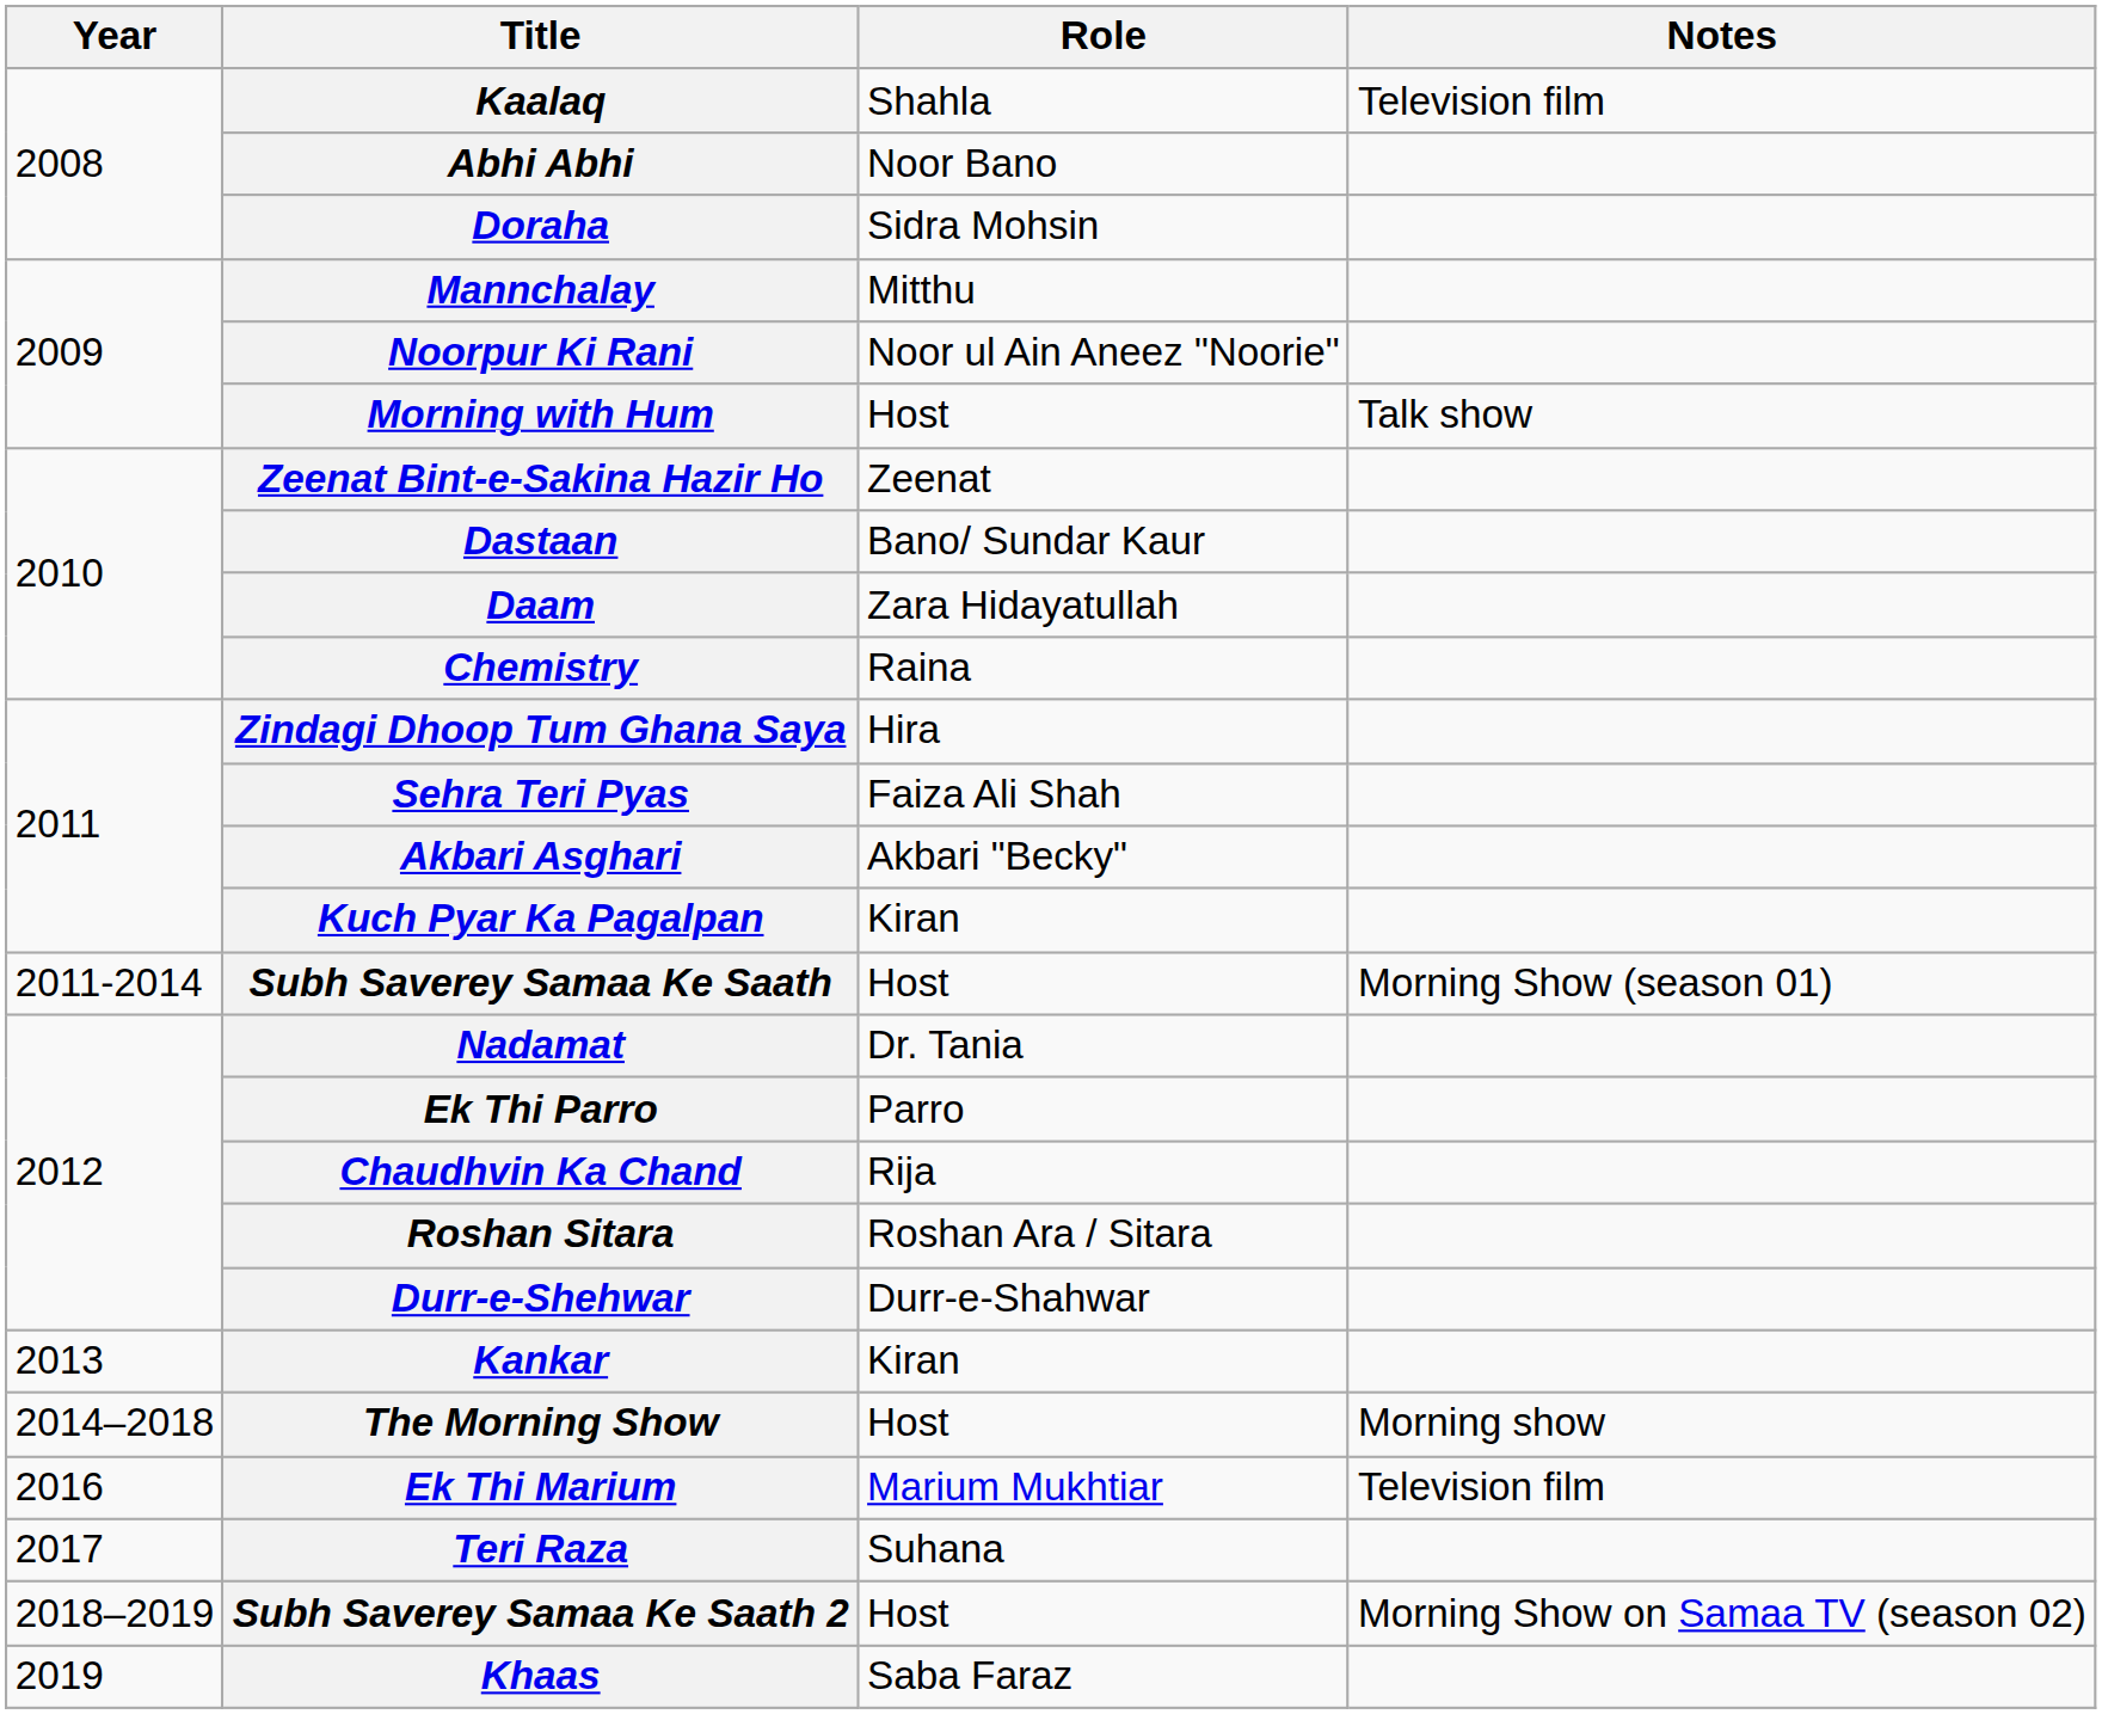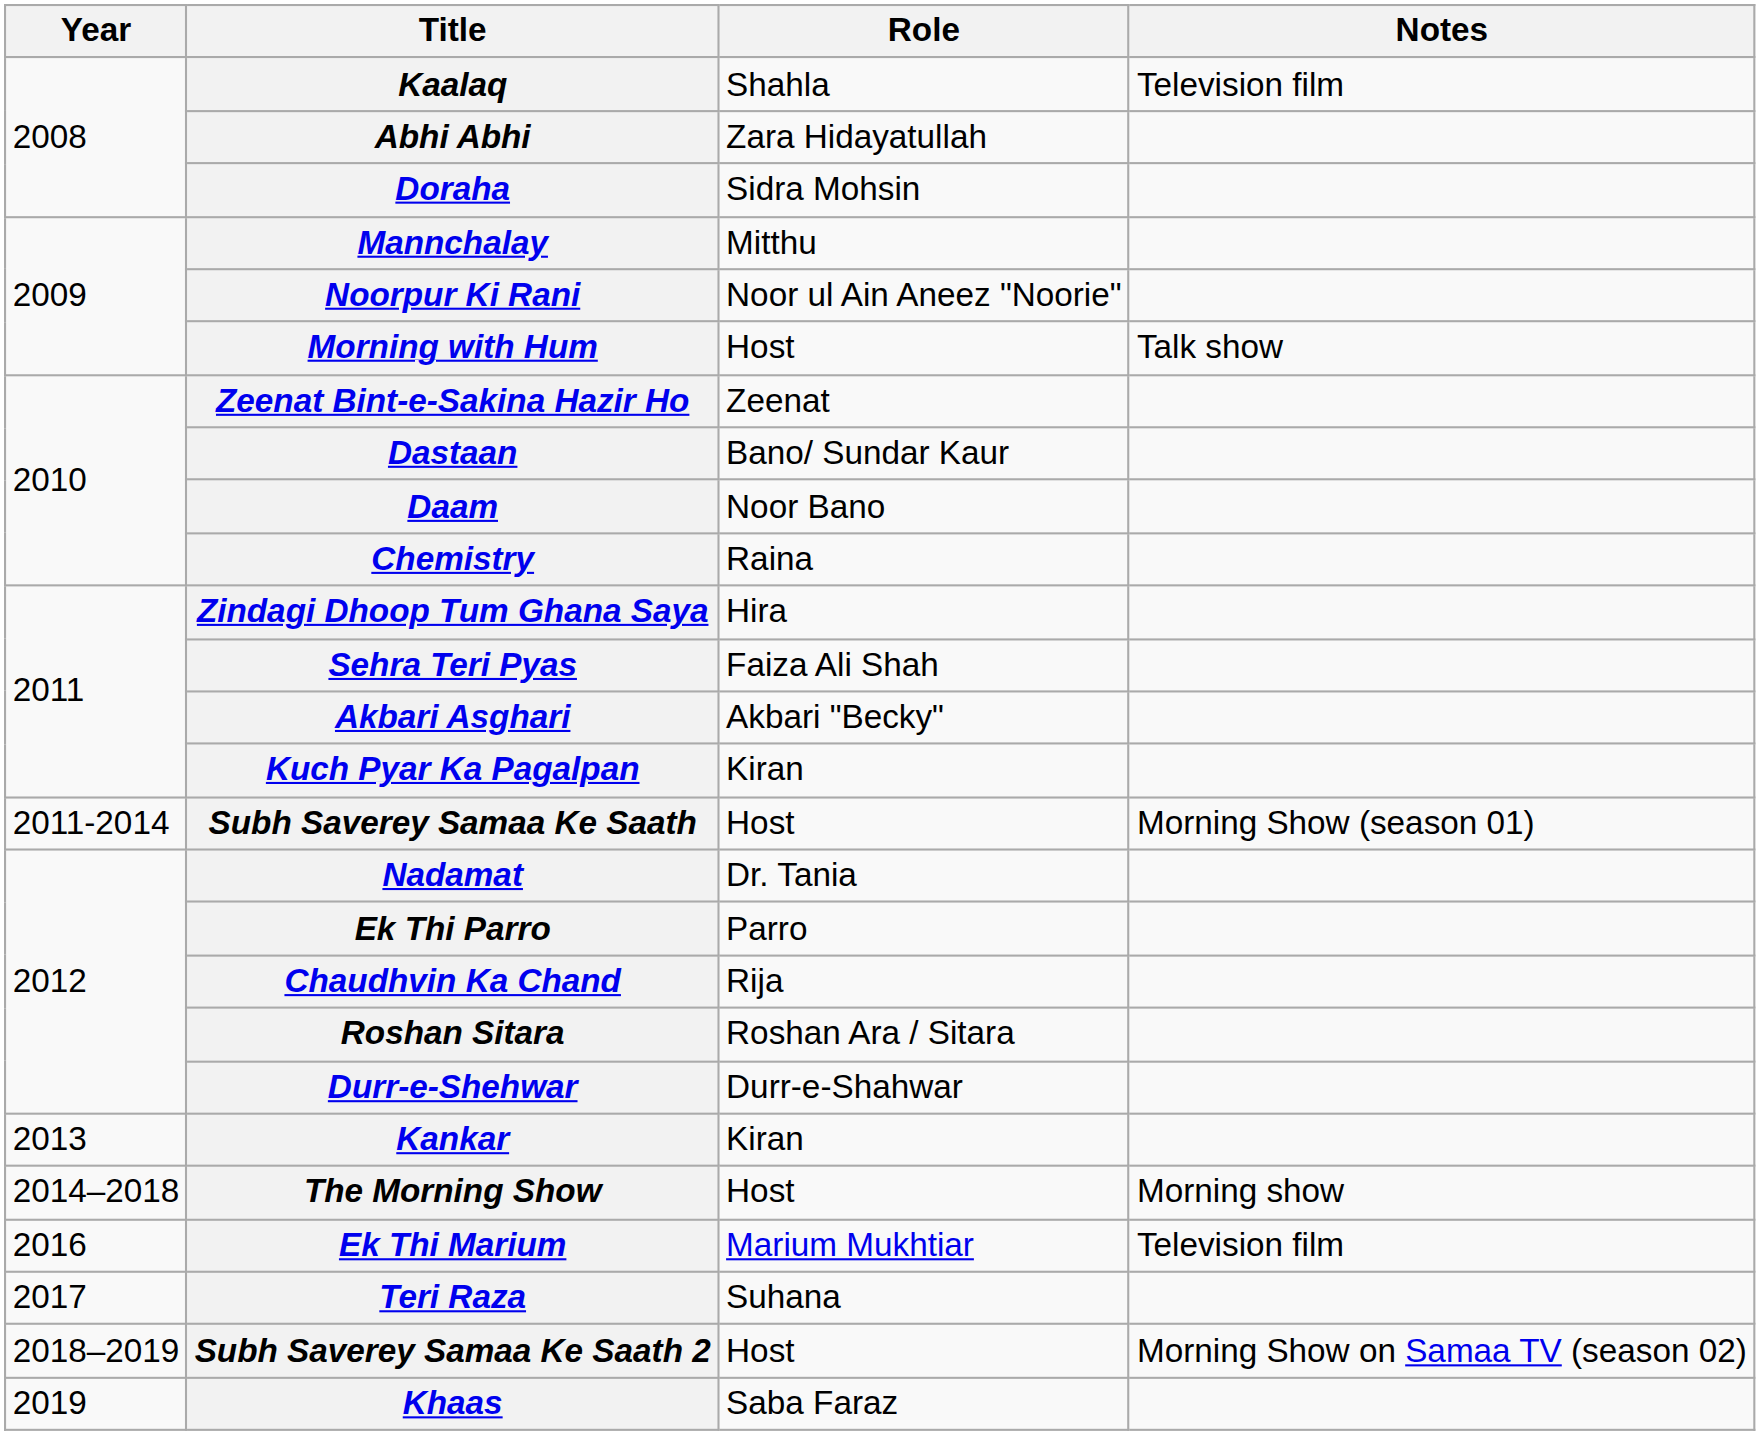 <table class="wikitable sortable plainrowheaders">
 <tr style="text-align:center;">
 <th scope="col">Year</th>
 <th scope="col">Title</th>
 <th scope="col">Role</th>
 <th class="unsortable" scope="col">Notes</th>
 </tr>
 <tr>
 <td rowspan="3">2008</td>
 <th scope="row"><em>Kaalaq</em></th>
 <td>Shahla</td>
 <td>Television film</td>
 </tr>
 <tr>
 <th scope="row"><em>Abhi Abhi</em></th>
-<td>Noor Bano</td>
+<td>Zara Hidayatullah</td>
 <td></td>
 </tr>
 <tr>
 <th scope="row"><em><a href='#'>Doraha</a></em></th>
 <td>Sidra Mohsin</td>
 <td><br></td>
 </tr>
 <tr>
 <td rowspan="3">2009</td>
 <th scope="row"><em><a href='#'>Mannchalay</a></em></th>
 <td>Mitthu</td>
 <td></td>
 </tr>
 <tr>
 <th scope="row"><em><a href='#'>Noorpur Ki Rani</a></em></th>
 <td>Noor ul Ain Aneez "Noorie"</td>
 <td></td>
 </tr>
 <tr>
 <th scope="row"><em><a href='#'>Morning with Hum</a></em></th>
 <td>Host</td>
 <td>Talk show</td>
 </tr>
 <tr>
 <td rowspan="4">2010</td>
 <th scope="row"><em><a href='#'>Zeenat Bint-e-Sakina Hazir Ho</a></em></th>
 <td>Zeenat</td>
 <td></td>
 </tr>
 <tr>
 <th scope="row"><em><a href='#'>Dastaan</a></em></th>
 <td>Bano/ Sundar Kaur</td>
 <td></td>
 </tr>
 <tr>
 <th scope="row"><em><a href='#'>Daam</a></em></th>
-<td>Zara Hidayatullah</td>
+<td>Noor Bano</td>
 <td><br></td>
 </tr>
 <tr>
 <th scope="row"><em><a href='#'>Chemistry</a></em></th>
 <td>Raina</td>
 <td></td>
 </tr>
 <tr>
 <td rowspan="4">2011</td>
 <th scope="row"><em><a href='#'>Zindagi Dhoop Tum Ghana Saya</a></em></th>
 <td>Hira</td>
 <td></td>
 </tr>
 <tr>
 <th scope="row"><em><a href='#'>Sehra Teri Pyas</a></em></th>
 <td>Faiza Ali Shah</td>
 <td></td>
 </tr>
 <tr>
 <th scope="row"><em><a href='#'>Akbari Asghari</a></em></th>
 <td>Akbari "Becky"</td>
 <td></td>
 </tr>
 <tr>
 <th scope="row"><em><a href='#'>Kuch Pyar Ka Pagalpan</a></em></th>
 <td>Kiran</td>
 <td></td>
 </tr>
 <tr>
 <td>2011-2014</td>
 <th scope="row"><em>Subh Saverey Samaa Ke Saath</em></th>
 <td>Host</td>
 <td>Morning Show (season 01)</td>
 </tr>
 <tr>
 <td rowspan="5">2012</td>
 <th scope="row"><em><a href='#'>Nadamat</a></em></th>
 <td>Dr. Tania</td>
 <td></td>
 </tr>
 <tr>
 <th scope="row"><em>Ek Thi Parro</em></th>
 <td>Parro</td>
 <td></td>
 </tr>
 <tr>
 <th scope="row"><em><a href='#'>Chaudhvin Ka Chand</a></em></th>
 <td>Rija</td>
 <td></td>
 </tr>
 <tr>
 <th scope="row"><em>Roshan Sitara</em></th>
 <td>Roshan Ara / Sitara</td>
 <td></td>
 </tr>
 <tr>
 <th scope="row"><em><a href='#'>Durr-e-Shehwar</a></em></th>
 <td>Durr-e-Shahwar</td>
 <td></td>
 </tr>
 <tr>
 <td>2013</td>
 <th scope="row"><em><a href='#'>Kankar</a></em></th>
 <td>Kiran</td>
 <td></td>
 </tr>
 <tr>
 <td>2014–2018</td>
 <th scope="row"><em>The Morning Show</em></th>
 <td>Host</td>
 <td>Morning show</td>
 </tr>
 <tr>
 <td>2016</td>
 <th scope="row"><em><a href='#'>Ek Thi Marium</a></em></th>
 <td><a href='#'>Marium Mukhtiar</a></td>
 <td>Television film</td>
 </tr>
 <tr>
 <td>2017</td>
 <th scope="row"><em><a href='#'>Teri Raza</a></em></th>
 <td>Suhana</td>
 <td></td>
 </tr>
 <tr>
 <td>2018–2019</td>
 <th scope="row"><em>Subh Saverey Samaa Ke Saath 2</em></th>
 <td>Host</td>
 <td>Morning Show on <a href='#'>Samaa TV</a> (season 02)</td>
 </tr>
 <tr>
 <td>2019</td>
 <th scope="row"><em><a href='#'>Khaas</a></em></th>
 <td>Saba Faraz</td>
 <td></td>
 </tr>
 </table>
